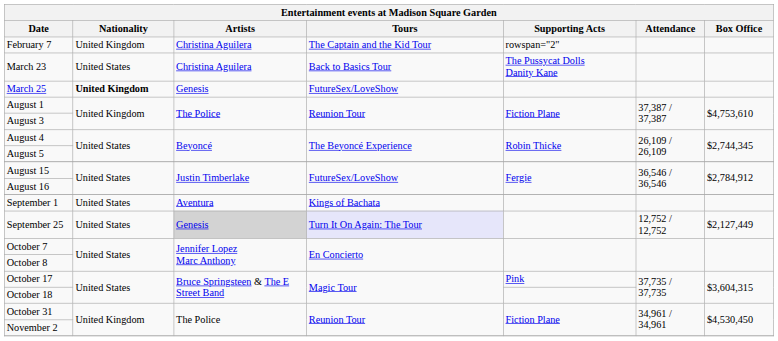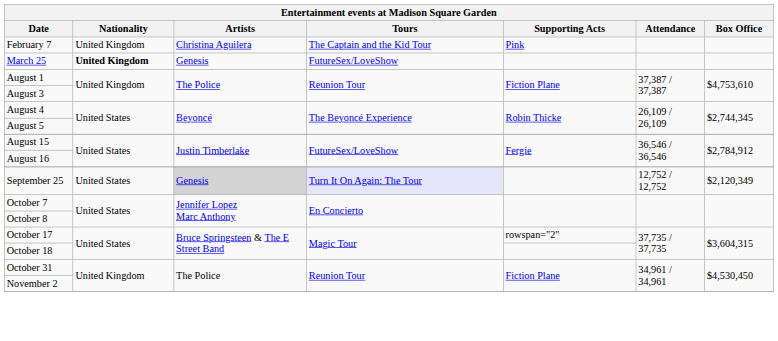 <table class="wikitable">
 <tr>
 <th colspan="7">Entertainment events at Madison Square Garden</th>
 </tr>
 <tr>
 <th width=100>Date</th>
 <th width=150>Nationality</th>
 <th width=200>Artists</th>
 <th width=300>Tours</th>
 <th width=200>Supporting Acts</th>
 <th width=100>Attendance</th>
 <th width=100>Box Office</th>
 </tr>
 <tr>
 <td>February 7</td>
 <td>United Kingdom</td>
 <td><a href='#'>Christina Aguilera</a></td>
 <td><a href='#'>The Captain and the Kid Tour</a></td>
-<td>rowspan="2" </td>
-<td></td>
-<td></td>
-</tr>
-<tr>
-<td>March 23</td>
-<td>United States</td>
-<td><a href='#'>Christina Aguilera</a></td>
-<td><a href='#'>Back to Basics Tour</a></td>
-<td><a href='#'>The Pussycat Dolls</a><br><a href='#'>Danity Kane</a></td>
+<td><a href='#'>Pink</a></td>
 <td></td>
 <td></td>
 </tr>
 <tr>
 <td><a href='#'>March 25</a></td>
 <td><strong>United Kingdom</strong></td>
 <td><a href='#'>Genesis</a></td>
 <td><a href='#'>FutureSex/LoveShow</a></td>
 <td></td>
 <td></td>
 <td></td>
 </tr>
 <tr>
 <td>August 1</td>
 <td rowspan=2>United Kingdom</td>
 <td rowspan=2><a href='#'>The Police</a></td>
 <td rowspan=2><a href='#'>Reunion Tour</a></td>
 <td rowspan=2><a href='#'>Fiction Plane</a></td>
 <td rowspan=2>37,387 / 37,387</td>
 <td rowspan=2>$4,753,610</td>
 </tr>
 <tr>
 <td>August 3</td>
 </tr>
 <tr>
 <td>August 4</td>
 <td rowspan=2>United States</td>
 <td rowspan=2><a href='#'>Beyoncé</a></td>
 <td rowspan=2><a href='#'>The Beyoncé Experience</a></td>
 <td rowspan=2><a href='#'>Robin Thicke</a></td>
 <td rowspan=2>26,109 / 26,109</td>
 <td rowspan=2>$2,744,345</td>
 </tr>
 <tr>
 <td>August 5</td>
 </tr>
 <tr>
 </tr>
 <tr>
 <td>August 15</td>
 <td rowspan=2>United States</td>
 <td rowspan=2><a href='#'>Justin Timberlake</a></td>
 <td rowspan=2><a href='#'>FutureSex/LoveShow</a></td>
 <td rowspan=2><a href='#'>Fergie</a></td>
 <td rowspan=2>36,546 / 36,546</td>
 <td rowspan=2>$2,784,912</td>
 </tr>
 <tr>
 <td>August 16</td>
 </tr>
 <tr>
 </tr>
 <tr>
-<td>September 1</td>
-<td>United States</td>
-<td><a href='#'>Aventura</a></td>
-<td><a href='#'>Kings of Bachata</a></td>
-<td></td>
-<td></td>
-<td></td>
-</tr>
-<tr>
 <td>September 25</td>
 <td>United States</td>
 <td style="background: lightgrey;"><a href='#'>Genesis</a></td>
 <td style="background: lavender;"><a href='#'>Turn It On Again: The Tour</a></td>
 <td></td>
 <td>12,752 / 12,752</td>
-<td>$2,127,449</td>
+<td>$2,120,349</td>
 </tr>
 <tr>
 <td>October 7</td>
 <td rowspan=2>United States</td>
 <td rowspan=2><a href='#'>Jennifer Lopez</a><br><a href='#'>Marc Anthony</a></td>
 <td rowspan=2><a href='#'>En Concierto</a></td>
 <td rowspan=2></td>
 <td rowspan=2></td>
 <td rowspan=2></td>
 </tr>
 <tr>
 <td>October 8</td>
 </tr>
 <tr>
 <td>October 17</td>
 <td rowspan="2">United States</td>
 <td rowspan="2"><a href='#'>Bruce Springsteen</a> & <a href='#'>The E Street Band</a></td>
 <td rowspan="2"><a href='#'>Magic Tour</a></td>
-<td><a href='#'>Pink</a></td>
+<td>rowspan="2" </td>
 <td rowspan="2">37,735 / 37,735</td>
 <td rowspan="2">$3,604,315</td>
 </tr>
 <tr>
 <td>October 18</td>
 </tr>
 <tr>
 <td>October 31</td>
 <td rowspan=2>United Kingdom</td>
 <td rowspan=2>The Police</td>
 <td rowspan=2><a href='#'>Reunion Tour</a></td>
 <td rowspan=2><a href='#'>Fiction Plane</a></td>
 <td rowspan=2>34,961 / 34,961</td>
 <td rowspan=2>$4,530,450</td>
 </tr>
 <tr>
 <td>November 2</td>
 </tr>
 <tr>
 </tr>
 </table>
